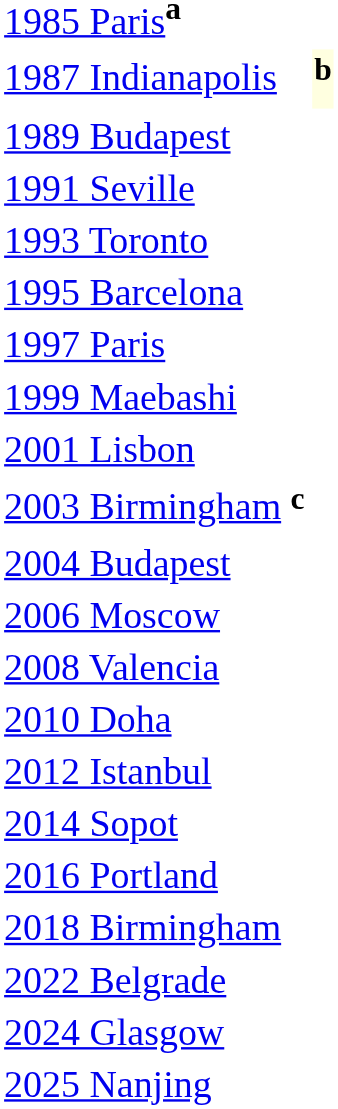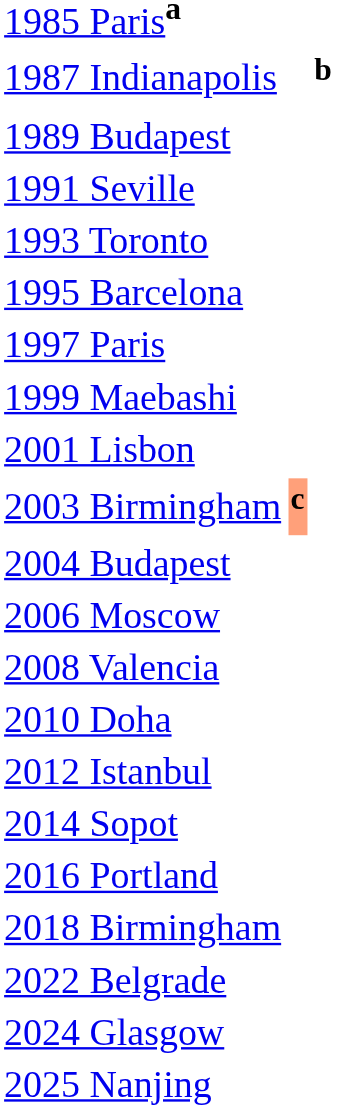 <table>
 <tr>
 <td><a href='#'>1985 Paris</a><sup><strong>a</strong></sup><br></td>
 <td></td>
 <td></td>
 <td></td>
 </tr>
 <tr>
 <td><a href='#'>1987 Indianapolis</a><br></td>
 <td></td>
-<td style="background: lightyellow;"> <sup><strong>b</strong></sup></td>
+<td> <sup><strong>b</strong></sup></td>
 <td></td>
 </tr>
 <tr>
 <td><a href='#'>1989 Budapest</a><br></td>
 <td></td>
 <td></td>
 <td></td>
 </tr>
 <tr>
 <td><a href='#'>1991 Seville</a><br></td>
 <td></td>
 <td></td>
 <td></td>
 </tr>
 <tr>
 <td><a href='#'>1993 Toronto</a><br></td>
 <td></td>
 <td></td>
 <td></td>
 </tr>
 <tr>
 <td><a href='#'>1995 Barcelona</a><br></td>
 <td></td>
 <td></td>
 <td></td>
 </tr>
 <tr>
 <td><a href='#'>1997 Paris</a><br></td>
 <td></td>
 <td></td>
 <td></td>
 </tr>
 <tr>
 <td><a href='#'>1999 Maebashi</a><br></td>
 <td></td>
 <td></td>
 <td></td>
 </tr>
 <tr>
 <td><a href='#'>2001 Lisbon</a><br></td>
 <td></td>
 <td></td>
 <td></td>
 </tr>
 <tr>
 <td><a href='#'>2003 Birmingham</a><br></td>
-<td> <sup><strong>c</strong></sup></td>
+<td style="background: lightsalmon;"> <sup><strong>c</strong></sup></td>
 <td></td>
 <td></td>
 </tr>
 <tr>
 <td><a href='#'>2004 Budapest</a><br></td>
 <td></td>
 <td></td>
 <td></td>
 </tr>
 <tr>
 <td><a href='#'>2006 Moscow</a><br></td>
 <td></td>
 <td></td>
 <td></td>
 </tr>
 <tr>
 <td><a href='#'>2008 Valencia</a><br></td>
 <td></td>
 <td></td>
 <td></td>
 </tr>
 <tr>
 <td><a href='#'>2010 Doha</a><br></td>
 <td></td>
 <td></td>
 <td></td>
 </tr>
 <tr>
 <td><a href='#'>2012 Istanbul</a><br></td>
 <td></td>
 <td></td>
 <td></td>
 </tr>
 <tr>
 <td><a href='#'>2014 Sopot</a><br></td>
 <td></td>
 <td></td>
 <td></td>
 </tr>
 <tr>
 <td><a href='#'>2016 Portland</a><br></td>
 <td></td>
 <td></td>
 <td></td>
 </tr>
 <tr>
 <td><a href='#'>2018 Birmingham</a><br></td>
 <td></td>
 <td></td>
 <td></td>
 </tr>
 <tr>
 <td><a href='#'>2022 Belgrade</a><br></td>
 <td></td>
 <td></td>
 <td></td>
 </tr>
 <tr>
 <td><a href='#'>2024 Glasgow</a><br></td>
 <td></td>
 <td></td>
 <td></td>
 </tr>
 <tr>
 <td><a href='#'>2025 Nanjing</a><br></td>
 <td></td>
 <td></td>
 <td></td>
 </tr>
 </table>
